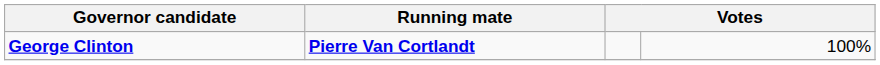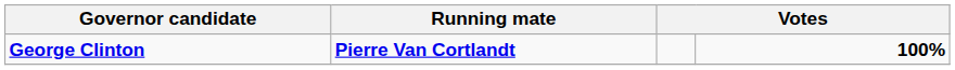 <table class=wikitable>
 <tr bgcolor=lightgrey>
 <th width="20%">Governor candidate</th>
 <th width="20%">Running mate</th>
 <th width="18%" colspan="2">Votes</th>
 </tr>
 <tr>
 <td><strong><a href='#'>George Clinton</a></strong></td>
 <td><strong><a href='#'>Pierre Van Cortlandt</a></strong></td>
 <td align="right"></td>
-<td align="right">100%</td>
+<td align="right"><strong>100%</strong></td>
 </tr>
 <tr>
 </tr>
 </table>
